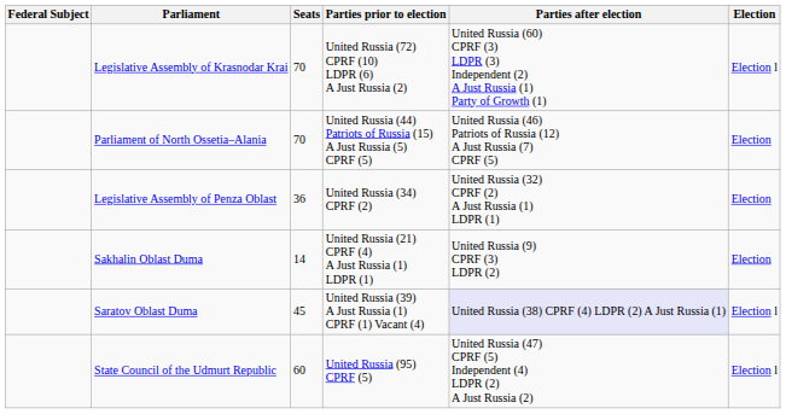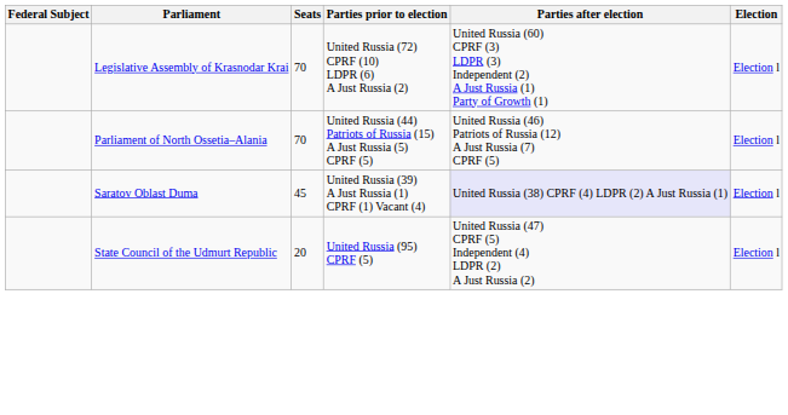 <table class="wikitable sortable">
 <tr>
 <th>Federal Subject</th>
 <th>Parliament</th>
 <th>Seats</th>
 <th>Parties prior to election</th>
 <th>Parties after election</th>
 <th>Election</th>
 </tr>
 <tr>
 <td></td>
 <td><a href='#'>Legislative Assembly of Krasnodar Krai</a></td>
 <td>70</td>
 <td>United Russia (72)<br>CPRF (10)<br>LDPR (6)<br>A Just Russia (2)</td>
 <td>United Russia (60)<br>CPRF (3)<br><a href='#'>LDPR</a> (3)<br>Independent (2)<br><a href='#'>A Just Russia</a> (1)<br><a href='#'>Party of Growth</a> (1)</td>
 <td><a href='#'>Election</a> l</td>
 </tr>
 <tr>
 <td></td>
 <td><a href='#'>Parliament of North Ossetia–Alania</a></td>
 <td>70</td>
 <td>United Russia (44)<br><a href='#'>Patriots of Russia</a> (15)<br>A Just Russia (5)<br>CPRF (5)</td>
 <td>United Russia (46)<br>Patriots of Russia (12)<br>A Just Russia (7)<br>CPRF (5)</td>
-<td><a href='#'>Election</a></td>
-</tr>
-<tr>
-<td></td>
-<td><a href='#'>Legislative Assembly of Penza Oblast</a></td>
-<td>36</td>
-<td>United Russia (34)<br>CPRF (2)</td>
-<td>United Russia (32)<br>CPRF (2)<br>A Just Russia (1)<br>LDPR (1)</td>
-<td><a href='#'>Election</a></td>
-</tr>
-<tr>
-<td></td>
-<td><a href='#'>Sakhalin Oblast Duma</a></td>
-<td>14</td>
-<td>United Russia (21)<br>CPRF (4)<br>A Just Russia (1)<br>LDPR (1)</td>
-<td>United Russia (9)<br>CPRF (3)<br>LDPR (2)</td>
-<td><a href='#'>Election</a></td>
+<td><a href='#'>Election</a> l</td>
 </tr>
 <tr>
 <td></td>
 <td><a href='#'>Saratov Oblast Duma</a></td>
 <td>45</td>
 <td>United Russia (39)<br>A Just Russia (1)<br>CPRF (1) Vacant (4)</td>
 <td style="background: lavender;">United Russia (38) CPRF (4) LDPR (2) A Just Russia (1)</td>
 <td><a href='#'>Election</a> l</td>
 </tr>
 <tr>
 <td></td>
 <td><a href='#'>State Council of the Udmurt Republic</a></td>
-<td>60</td>
+<td>20</td>
 <td><a href='#'>United Russia</a> (95)<br><a href='#'>CPRF</a> (5)</td>
 <td>United Russia (47)<br>CPRF (5)<br>Independent (4)<br>LDPR (2)<br>A Just Russia (2)</td>
 <td><a href='#'>Election</a> l</td>
 </tr>
 </table>
